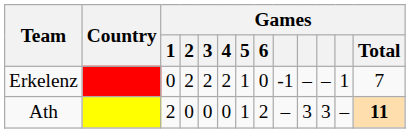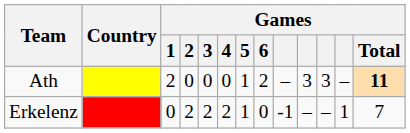 <table class="wikitable plainrowheaders" style="text-align:center;">
 <tr>
 <th rowspan=2>Team</th>
 <th rowspan=2>Country</th>
 <th colspan=11>Games</th>
 </tr>
 <tr>
 <th>1</th>
 <th>2</th>
 <th>3</th>
 <th>4</th>
 <th>5</th>
 <th>6</th>
 <th></th>
 <th></th>
 <th></th>
 <th></th>
 <th>Total</th>
 </tr>
 <tr>
+<td>Ath</td>
+<td style="background:yellow"></td>
+<td>2</td>
+<td>0</td>
+<td>0</td>
+<td>0</td>
+<td>1</td>
+<td>2</td>
+<td>–</td>
+<td>3</td>
+<td>3</td>
+<td>–</td>
+<td style="font-weight:bold; background:NavajoWhite;">11</td>
+</tr>
+<tr>
 <td>Erkelenz</td>
 <td style="background:red"></td>
 <td>0</td>
 <td>2</td>
 <td>2</td>
 <td>2</td>
 <td>1</td>
 <td>0</td>
 <td>-1</td>
 <td>–</td>
 <td>–</td>
 <td>1</td>
 <td>7</td>
 </tr>
-<tr>
-<td>Ath</td>
-<td style="background:yellow"></td>
-<td>2</td>
-<td>0</td>
-<td>0</td>
-<td>0</td>
-<td>1</td>
-<td>2</td>
-<td>–</td>
-<td>3</td>
-<td>3</td>
-<td>–</td>
-<td style="font-weight:bold; background:NavajoWhite;">11</td>
-</tr>
 </table>
